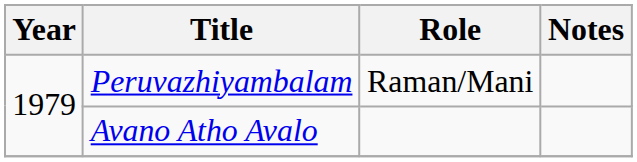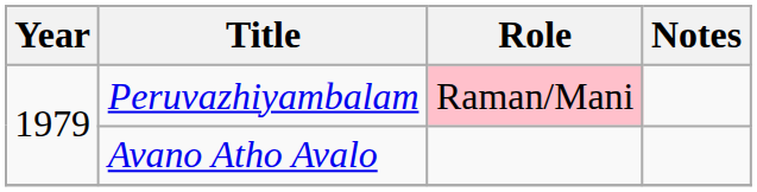 <table class="wikitable sortable">
 <tr>
 <th>Year</th>
 <th>Title</th>
 <th>Role</th>
 <th class="unsortable">Notes</th>
 </tr>
 <tr>
 <td rowspan=2>1979</td>
 <td><em><a href='#'>Peruvazhiyambalam</a></em></td>
-<td>Raman/Mani</td>
+<td style="background: pink;">Raman/Mani</td>
 <td></td>
 </tr>
 <tr>
 <td><em><a href='#'>Avano Atho Avalo</a></em></td>
 <td></td>
 <td></td>
 </tr>
 <tr>
 </tr>
 </table>
